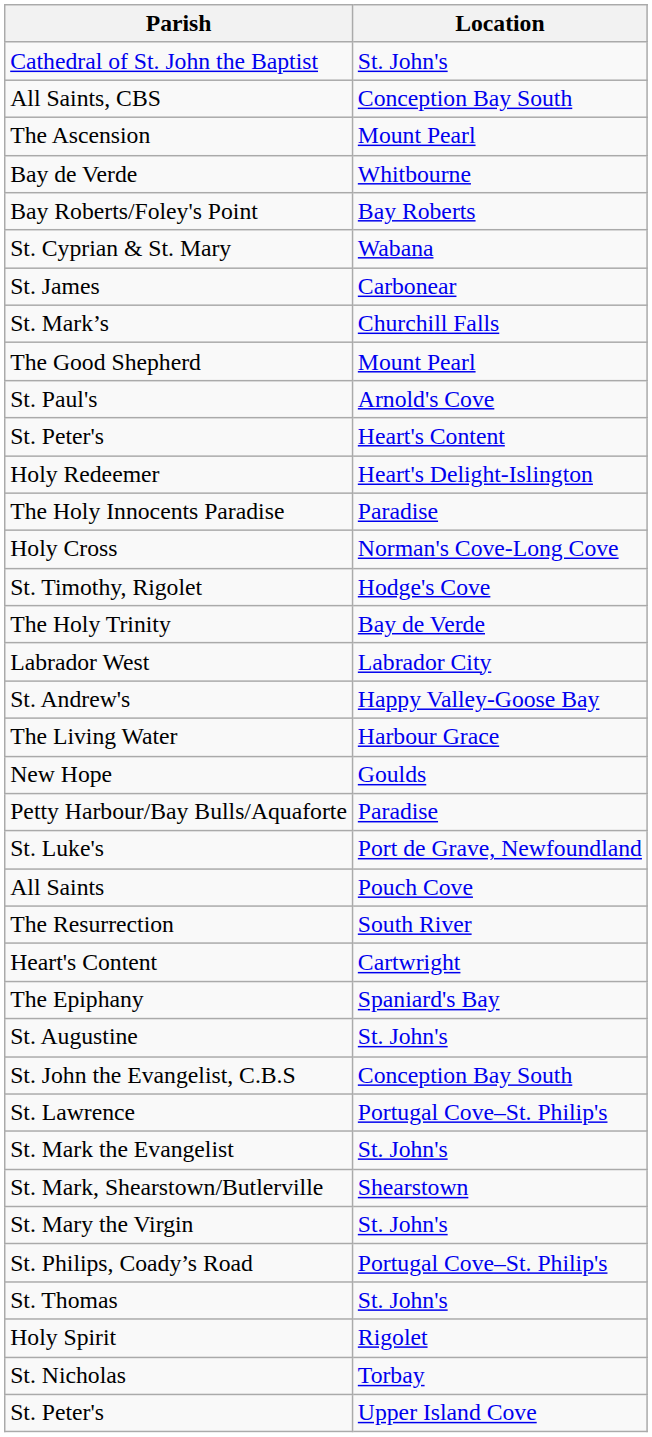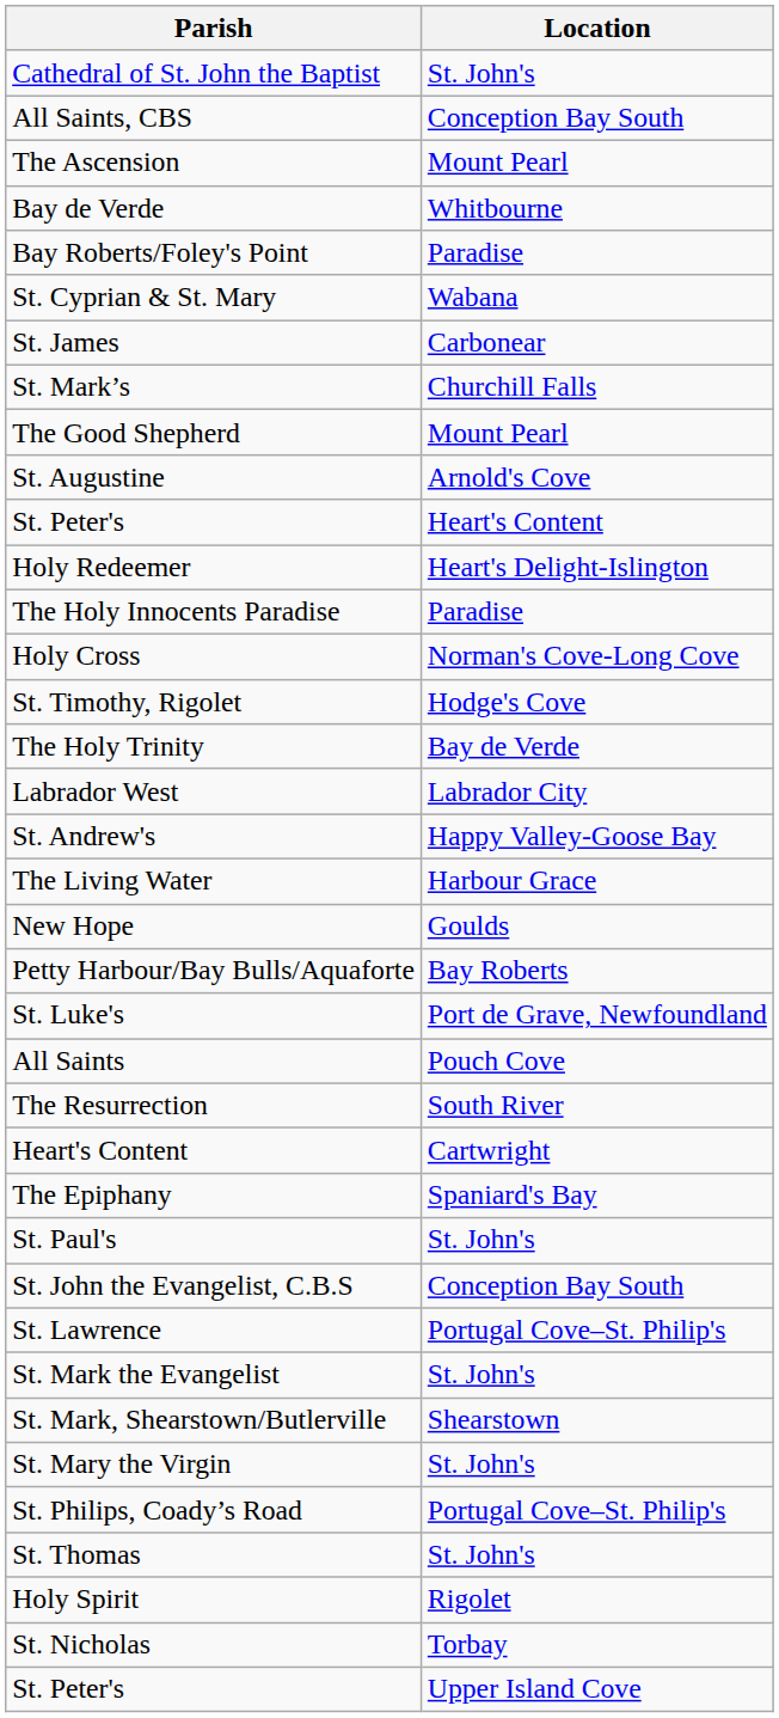 <table class="wikitable">
 <tr>
 <th>Parish</th>
 <th>Location</th>
 </tr>
 <tr>
 <td><a href='#'>Cathedral of St. John the Baptist</a></td>
 <td><a href='#'>St. John's</a></td>
 </tr>
 <tr>
 <td>All Saints, CBS</td>
 <td><a href='#'>Conception Bay South</a></td>
 </tr>
 <tr>
 <td>The Ascension</td>
 <td><a href='#'>Mount Pearl</a></td>
 </tr>
 <tr>
 <td>Bay de Verde</td>
 <td><a href='#'>Whitbourne</a></td>
 </tr>
 <tr>
 <td>Bay Roberts/Foley's Point</td>
-<td><a href='#'>Bay Roberts</a></td>
+<td><a href='#'>Paradise</a></td>
 </tr>
 <tr>
 <td>St. Cyprian & St. Mary</td>
 <td><a href='#'>Wabana</a></td>
 </tr>
 <tr>
 <td>St. James</td>
 <td><a href='#'>Carbonear</a></td>
 </tr>
 <tr>
 <td>St. Mark’s</td>
 <td><a href='#'>Churchill Falls</a></td>
 </tr>
 <tr>
 <td>The Good Shepherd</td>
 <td><a href='#'>Mount Pearl</a></td>
 </tr>
 <tr>
-<td>St. Paul's</td>
+<td>St. Augustine</td>
 <td><a href='#'>Arnold's Cove</a></td>
 </tr>
 <tr>
 <td>St. Peter's</td>
 <td><a href='#'>Heart's Content</a></td>
 </tr>
 <tr>
 <td>Holy Redeemer</td>
 <td><a href='#'>Heart's Delight-Islington</a></td>
 </tr>
 <tr>
 <td>The Holy Innocents Paradise</td>
 <td><a href='#'>Paradise</a></td>
 </tr>
 <tr>
 <td>Holy Cross</td>
 <td><a href='#'>Norman's Cove-Long Cove</a></td>
 </tr>
 <tr>
 <td>St. Timothy, Rigolet</td>
 <td><a href='#'>Hodge's Cove</a></td>
 </tr>
 <tr>
 <td>The Holy Trinity</td>
 <td><a href='#'>Bay de Verde</a></td>
 </tr>
 <tr>
 <td>Labrador West</td>
 <td><a href='#'>Labrador City</a></td>
 </tr>
 <tr>
 <td>St. Andrew's</td>
 <td><a href='#'>Happy Valley-Goose Bay</a></td>
 </tr>
 <tr>
 <td>The Living Water</td>
 <td><a href='#'>Harbour Grace</a></td>
 </tr>
 <tr>
 <td>New Hope</td>
 <td><a href='#'>Goulds</a></td>
 </tr>
 <tr>
 <td>Petty Harbour/Bay Bulls/Aquaforte</td>
-<td><a href='#'>Paradise</a></td>
+<td><a href='#'>Bay Roberts</a></td>
 </tr>
 <tr>
 <td>St. Luke's</td>
 <td><a href='#'>Port de Grave, Newfoundland</a></td>
 </tr>
 <tr>
 <td>All Saints</td>
 <td><a href='#'>Pouch Cove</a></td>
 </tr>
 <tr>
 <td>The Resurrection</td>
 <td><a href='#'>South River</a></td>
 </tr>
 <tr>
 <td>Heart's Content</td>
 <td><a href='#'>Cartwright</a></td>
 </tr>
 <tr>
 <td>The Epiphany</td>
 <td><a href='#'>Spaniard's Bay</a></td>
 </tr>
 <tr>
-<td>St. Augustine</td>
+<td>St. Paul's</td>
 <td><a href='#'>St. John's</a></td>
 </tr>
 <tr>
 <td>St. John the Evangelist, C.B.S</td>
 <td><a href='#'>Conception Bay South</a></td>
 </tr>
 <tr>
 <td>St. Lawrence</td>
 <td><a href='#'>Portugal Cove–St. Philip's</a></td>
 </tr>
 <tr>
 <td>St. Mark the Evangelist</td>
 <td><a href='#'>St. John's</a></td>
 </tr>
 <tr>
 <td>St. Mark, Shearstown/Butlerville</td>
 <td><a href='#'>Shearstown</a></td>
 </tr>
 <tr>
 <td>St. Mary the Virgin</td>
 <td><a href='#'>St. John's</a></td>
 </tr>
 <tr>
 <td>St. Philips, Coady’s Road</td>
 <td><a href='#'>Portugal Cove–St. Philip's</a></td>
 </tr>
 <tr>
 <td>St. Thomas</td>
 <td><a href='#'>St. John's</a></td>
 </tr>
 <tr>
 <td>Holy Spirit</td>
 <td><a href='#'>Rigolet</a></td>
 </tr>
 <tr>
 <td>St. Nicholas</td>
 <td><a href='#'>Torbay</a></td>
 </tr>
 <tr>
 <td>St. Peter's</td>
 <td><a href='#'>Upper Island Cove</a></td>
 </tr>
 </table>
